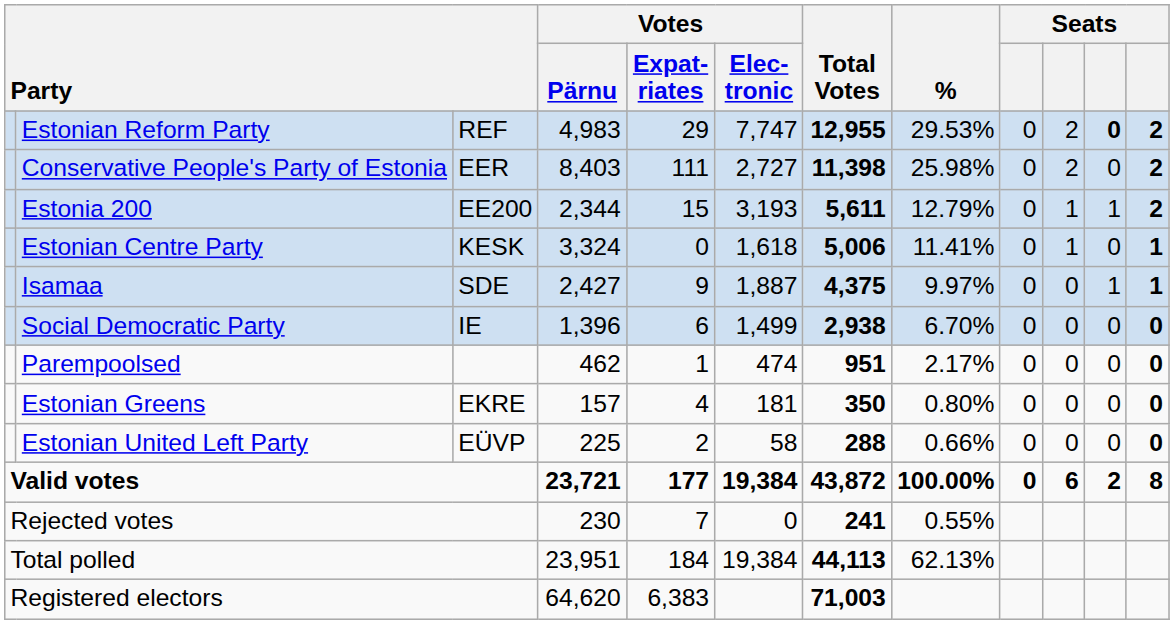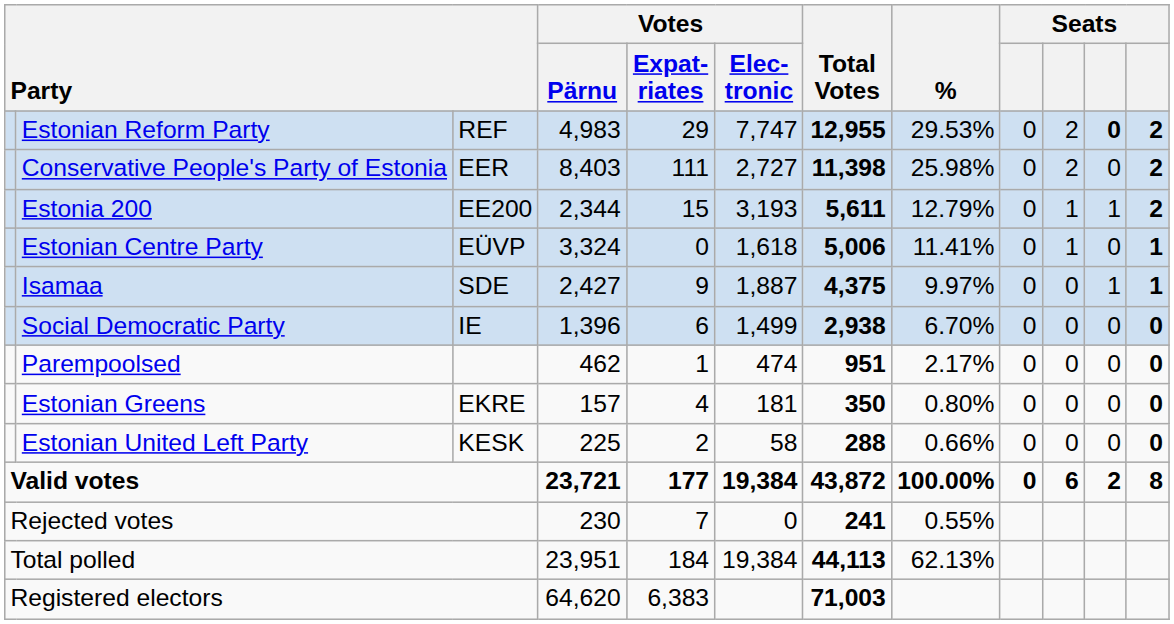 <table class="wikitable" border="1" style="text-align:right;">
 <tr>
 <th style="text-align:left;" valign=bottom rowspan=2 colspan=3>Party</th>
 <th colspan=3>Votes</th>
 <th align=center valign=bottom rowspan=2 width="50">Total Votes</th>
 <th align=center valign=bottom rowspan=2 width="50">%</th>
 <th colspan=4>Seats</th>
 </tr>
 <tr>
 <th align=center valign=bottom width="50"><a href='#'>Pärnu</a></th>
 <th align=center valign=bottom width="50"><a href='#'>Expat- riates</a></th>
 <th align=center valign=bottom width="50"><a href='#'>Elec- tronic</a></th>
 <th align=center valign=bottom width="20"><small></small></th>
 <th align=center valign=bottom width="20"><small></small></th>
 <th align=center valign=bottom width="20"><small></small></th>
 <th align=center valign=bottom width="20"><small></small></th>
 </tr>
 <tr style="background:#CEE0F2;">
 <td style="background:"></td>
 <td align=left><a href='#'>Estonian Reform Party</a></td>
 <td align=left>REF</td>
 <td>4,983</td>
 <td>29</td>
 <td>7,747</td>
 <td><strong>12,955</strong></td>
 <td>29.53%</td>
 <td>0</td>
 <td>2</td>
 <td><strong>0</strong></td>
 <td><strong>2</strong></td>
 </tr>
 <tr style="background:#CEE0F2;">
 <td style="background:"></td>
 <td align=left><a href='#'>Conservative People's Party of Estonia</a></td>
 <td align=left>EER</td>
 <td>8,403</td>
 <td>111</td>
 <td>2,727</td>
 <td><strong>11,398</strong></td>
 <td>25.98%</td>
 <td>0</td>
 <td>2</td>
 <td>0</td>
 <td><strong>2</strong></td>
 </tr>
 <tr style="background:#CEE0F2;">
 <td style="background:"></td>
 <td align=left><a href='#'>Estonia 200</a></td>
 <td align=left>EE200</td>
 <td>2,344</td>
 <td>15</td>
 <td>3,193</td>
 <td><strong>5,611</strong></td>
 <td>12.79%</td>
 <td>0</td>
 <td>1</td>
 <td>1</td>
 <td><strong>2</strong></td>
 </tr>
 <tr style="background:#CEE0F2;">
 <td style="background:"></td>
 <td align=left><a href='#'>Estonian Centre Party</a></td>
-<td align=left>KESK</td>
+<td align=left>EÜVP</td>
 <td>3,324</td>
 <td>0</td>
 <td>1,618</td>
 <td><strong>5,006</strong></td>
 <td>11.41%</td>
 <td>0</td>
 <td>1</td>
 <td>0</td>
 <td><strong>1</strong></td>
 </tr>
 <tr style="background:#CEE0F2;">
 <td style="background:"></td>
 <td align=left><a href='#'>Isamaa</a></td>
 <td align=left>SDE</td>
 <td>2,427</td>
 <td>9</td>
 <td>1,887</td>
 <td><strong>4,375</strong></td>
 <td>9.97%</td>
 <td>0</td>
 <td>0</td>
 <td>1</td>
 <td><strong>1</strong></td>
 </tr>
 <tr style="background:#CEE0F2;">
 <td style="background:"></td>
 <td align=left><a href='#'>Social Democratic Party</a></td>
 <td align=left>IE</td>
 <td>1,396</td>
 <td>6</td>
 <td>1,499</td>
 <td><strong>2,938</strong></td>
 <td>6.70%</td>
 <td>0</td>
 <td>0</td>
 <td>0</td>
 <td><strong>0</strong></td>
 </tr>
 <tr>
 <td style="background:"></td>
 <td align=left><a href='#'>Parempoolsed</a></td>
 <td align=left></td>
 <td>462</td>
 <td>1</td>
 <td>474</td>
 <td><strong>951</strong></td>
 <td>2.17%</td>
 <td>0</td>
 <td>0</td>
 <td>0</td>
 <td><strong>0</strong></td>
 </tr>
 <tr>
 <td style="background:"></td>
 <td align=left><a href='#'>Estonian Greens</a></td>
 <td align=left>EKRE</td>
 <td>157</td>
 <td>4</td>
 <td>181</td>
 <td><strong>350</strong></td>
 <td>0.80%</td>
 <td>0</td>
 <td>0</td>
 <td>0</td>
 <td><strong>0</strong></td>
 </tr>
 <tr>
 <td style="background:"></td>
 <td align=left><a href='#'>Estonian United Left Party</a></td>
-<td align=left>EÜVP</td>
+<td align=left>KESK</td>
 <td>225</td>
 <td>2</td>
 <td>58</td>
 <td><strong>288</strong></td>
 <td>0.66%</td>
 <td>0</td>
 <td>0</td>
 <td>0</td>
 <td><strong>0</strong></td>
 </tr>
 <tr style="font-weight:bold">
 <td align=left colspan=3>Valid votes</td>
 <td>23,721</td>
 <td>177</td>
 <td>19,384</td>
 <td>43,872</td>
 <td>100.00%</td>
 <td>0</td>
 <td>6</td>
 <td>2</td>
 <td>8</td>
 </tr>
 <tr>
 <td align=left colspan=3>Rejected votes</td>
 <td>230</td>
 <td>7</td>
 <td>0</td>
 <td><strong>241</strong></td>
 <td>0.55%</td>
 <td></td>
 <td></td>
 <td></td>
 <td></td>
 </tr>
 <tr>
 <td align=left colspan=3>Total polled</td>
 <td>23,951</td>
 <td>184</td>
 <td>19,384</td>
 <td><strong>44,113</strong></td>
 <td>62.13%</td>
 <td></td>
 <td></td>
 <td></td>
 <td></td>
 </tr>
 <tr>
 <td align=left colspan=3>Registered electors</td>
 <td>64,620</td>
 <td>6,383</td>
 <td></td>
 <td><strong>71,003</strong></td>
 <td></td>
 <td></td>
 <td></td>
 <td></td>
 <td></td>
 </tr>
 </table>
